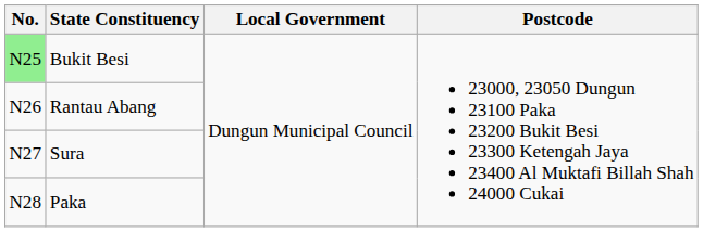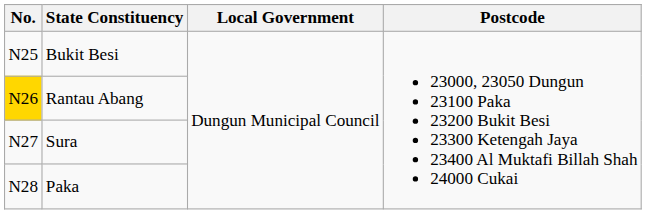 <table class="wikitable">
 <tr>
 <th>No.</th>
 <th>State Constituency</th>
 <th>Local Government</th>
 <th>Postcode</th>
 </tr>
 <tr>
-<td style="background: lightgreen;">N25</td>
+<td>N25</td>
 <td>Bukit Besi</td>
 <td rowspan="4">Dungun Municipal Council</td>
 <td rowspan="4"><br><ul><li>23000, 23050 Dungun</li><li>23100 Paka</li><li>23200 Bukit Besi</li><li>23300 Ketengah Jaya</li><li>23400 Al Muktafi Billah Shah</li><li>24000 Cukai</li></ul></td>
 </tr>
 <tr>
-<td>N26</td>
+<td style="background: gold;">N26</td>
 <td>Rantau Abang</td>
 </tr>
 <tr>
 <td>N27</td>
 <td>Sura</td>
 </tr>
 <tr>
 <td>N28</td>
 <td>Paka</td>
 </tr>
 </table>
